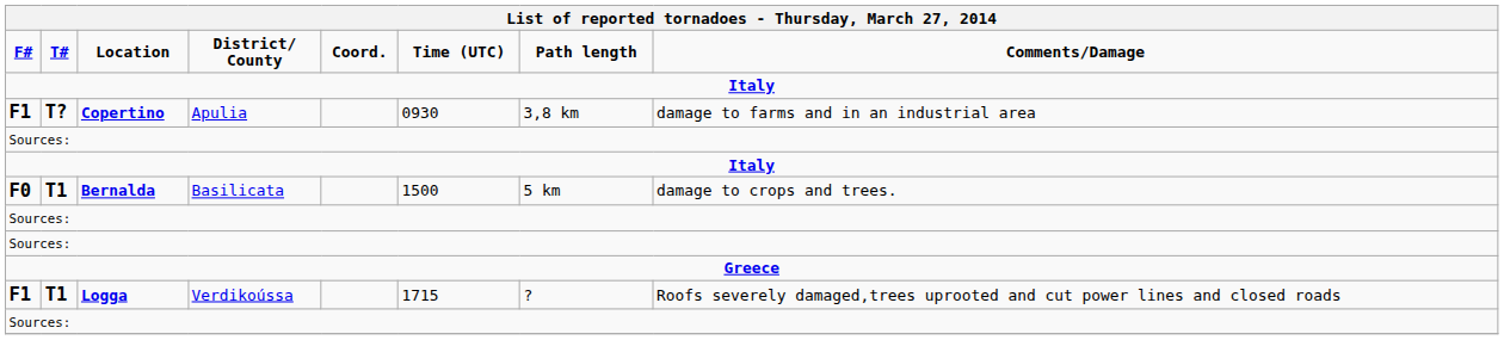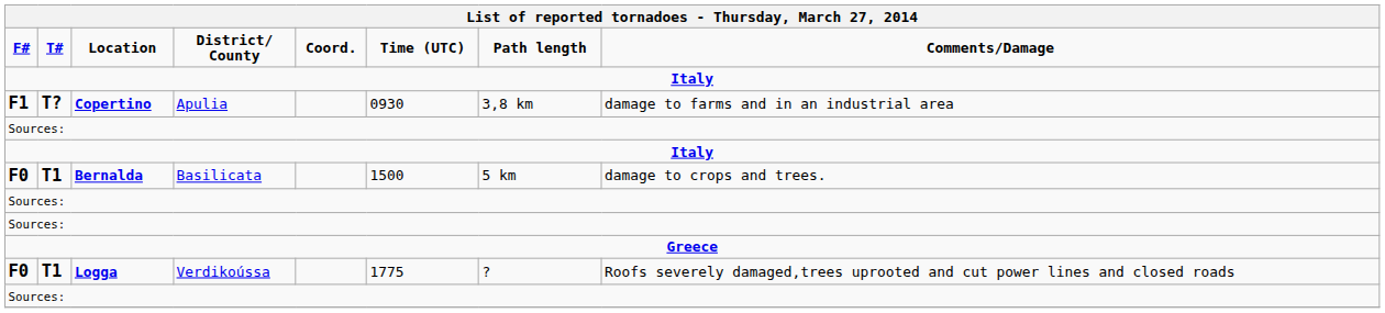 <table class="wikitable collapsible" width="100%">
 <tr>
 <th colspan="8">List of reported tornadoes - Thursday, March 27, 2014</th>
 </tr>
 <tr>
 <td style="text-align: center;"><strong><a href='#'>F#</a></strong></td>
 <td style="text-align: center;"><strong><a href='#'>T#</a></strong></td>
 <td style="text-align: center;"><strong>Location</strong></td>
 <td style="text-align: center;"><strong>District/<br>County</strong></td>
 <td style="text-align: center;"><strong>Coord.</strong></td>
 <td style="text-align: center;"><strong>Time (UTC)</strong></td>
 <td style="text-align: center;"><strong>Path length</strong></td>
 <td style="text-align: center;"><strong>Comments/Damage</strong></td>
 </tr>
 <tr>
 <td colspan="8" align=center><strong><a href='#'>Italy</a></strong></td>
 </tr>
 <tr>
 <td><big><strong>F1</strong></big></td>
 <td><big><strong>T?</strong></big></td>
 <td><strong><a href='#'>Copertino</a></strong></td>
 <td><a href='#'>Apulia</a></td>
 <td></td>
 <td>0930</td>
 <td>3,8 km</td>
 <td>damage to farms and in an industrial area</td>
 </tr>
 <tr>
 <td colspan="8"><small>Sources:</small></td>
 </tr>
 <tr>
 <td colspan="8" align=center><strong><a href='#'>Italy</a></strong></td>
 </tr>
 <tr>
 <td><big><strong>F0</strong></big></td>
 <td><big><strong>T1</strong></big></td>
 <td><strong><a href='#'>Bernalda</a></strong></td>
 <td><a href='#'>Basilicata</a></td>
 <td></td>
 <td>1500</td>
 <td>5 km</td>
 <td>damage to crops and trees.</td>
 </tr>
 <tr>
 <td colspan="8"><small>Sources:</small></td>
 </tr>
 <tr>
 <td colspan="8"><small>Sources:</small></td>
 </tr>
 <tr>
 <td colspan="8" align=center><strong><a href='#'>Greece</a></strong></td>
 </tr>
 <tr>
-<td><big><strong>F1</strong></big></td>
+<td><big><strong>F0</strong></big></td>
 <td><big><strong>T1</strong></big></td>
 <td><strong><a href='#'>Logga</a></strong></td>
 <td><a href='#'>Verdikoússa</a></td>
 <td></td>
-<td>1715</td>
+<td>1775</td>
 <td>?</td>
 <td>Roofs severely damaged,trees uprooted and cut power lines and closed roads</td>
 </tr>
 <tr>
 <td colspan="8"><small>Sources:</small></td>
 </tr>
 <tr>
 </tr>
 </table>
